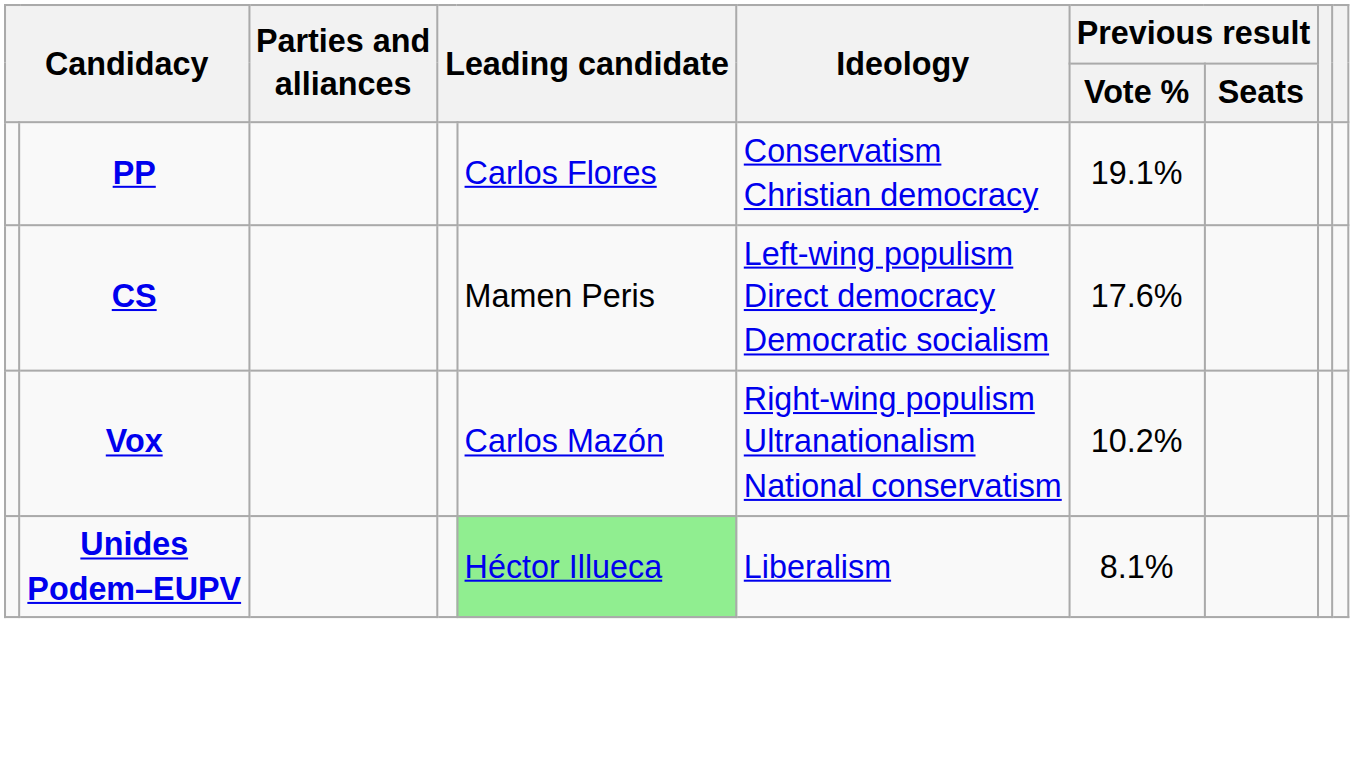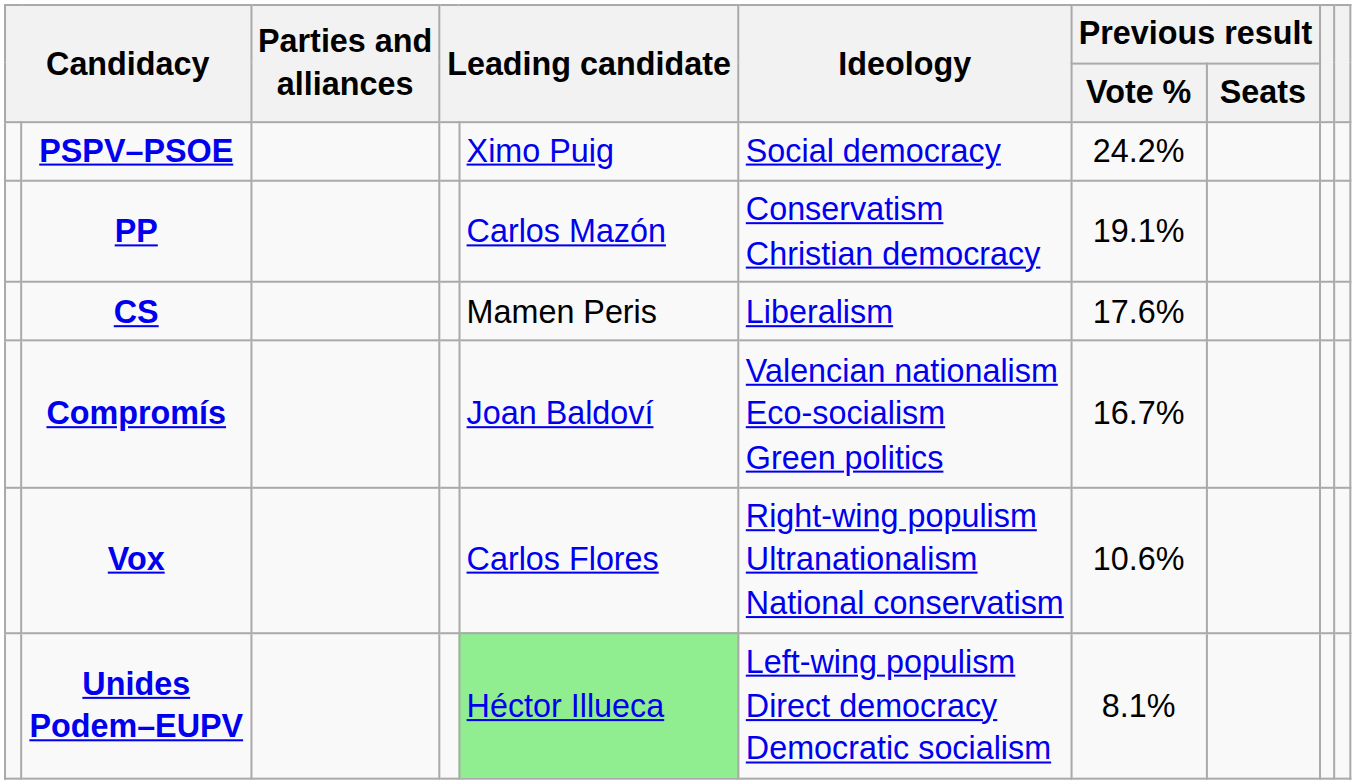 <table class="wikitable" style="line-height:1.35em; text-align:left;">
 <tr>
 <th colspan="2" rowspan="2">Candidacy</th>
 <th rowspan="2">Parties and<br>alliances</th>
 <th colspan="2" rowspan="2">Leading candidate</th>
 <th rowspan="2">Ideology</th>
 <th colspan="2">Previous result</th>
 <th rowspan="2"></th>
 <th rowspan="2"></th>
 </tr>
 <tr>
 <th>Vote %</th>
 <th>Seats</th>
 </tr>
 <tr>
+<td width="1" style="color:inherit;background:"></td>
+<td align="center"><strong><a href='#'>PSPV–PSOE</a></strong></td>
+<td></td>
+<td></td>
+<td><a href='#'>Ximo Puig</a></td>
+<td><a href='#'>Social democracy</a></td>
+<td align="center">24.2%</td>
+<td></td>
+<td></td>
+<td></td>
+</tr>
+<tr>
 <td style="color:inherit;background:"></td>
 <td align="center"><strong><a href='#'>PP</a></strong></td>
 <td></td>
 <td></td>
-<td><a href='#'>Carlos Flores</a></td>
+<td><a href='#'>Carlos Mazón</a></td>
 <td><a href='#'>Conservatism</a><br><a href='#'>Christian democracy</a></td>
 <td align="center">19.1%</td>
 <td></td>
 <td></td>
 <td></td>
 </tr>
 <tr>
 <td style="color:inherit;background:"></td>
 <td align="center"><strong><a href='#'>CS</a></strong></td>
 <td></td>
 <td></td>
 <td>Mamen Peris</td>
-<td><a href='#'>Left-wing populism</a><br><a href='#'>Direct democracy</a><br><a href='#'>Democratic socialism</a></td>
+<td><a href='#'>Liberalism</a></td>
 <td align="center">17.6%</td>
 <td></td>
 <td></td>
 <td><br></td>
 </tr>
 <tr>
 <td style="color:inherit;background:"></td>
+<td align="center"><strong><a href='#'>Compromís</a></strong></td>
+<td></td>
+<td></td>
+<td><a href='#'>Joan Baldoví</a></td>
+<td><a href='#'>Valencian nationalism</a><br><a href='#'>Eco-socialism</a><br><a href='#'>Green politics</a></td>
+<td align="center">16.7%</td>
+<td></td>
+<td></td>
+<td><br><br></td>
+</tr>
+<tr>
+<td style="color:inherit;background:"></td>
 <td align="center"><strong><a href='#'>Vox</a></strong></td>
 <td></td>
 <td></td>
-<td><a href='#'>Carlos Mazón</a></td>
+<td><a href='#'>Carlos Flores</a></td>
 <td><a href='#'>Right-wing populism</a><br><a href='#'>Ultranationalism</a><br><a href='#'>National conservatism</a></td>
-<td align="center">10.2%</td>
+<td align="center">10.6%</td>
 <td></td>
 <td></td>
 <td></td>
 </tr>
 <tr>
 <td style="color:inherit;background:"></td>
 <td align="center"><strong><a href='#'>Unides<br>Podem–EUPV</a></strong></td>
 <td></td>
 <td></td>
 <td style="background: lightgreen;"><a href='#'>Héctor Illueca</a></td>
-<td><a href='#'>Liberalism</a></td>
+<td><a href='#'>Left-wing populism</a><br><a href='#'>Direct democracy</a><br><a href='#'>Democratic socialism</a></td>
 <td align="center">8.1%</td>
 <td></td>
 <td></td>
 <td><br></td>
 </tr>
 </table>
